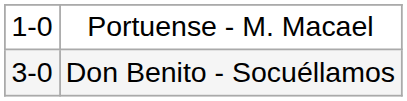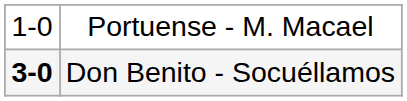 <table class="wikitable">
 <tr align=center bgcolor=white>
 <td>1-0</td>
 <td>Portuense - M. Macael</td>
 </tr>
 <tr align=center bgcolor=#F5F5F5>
-<td>3-0</td>
+<td><strong>3-0</strong></td>
 <td>Don Benito - Socuéllamos</td>
 </tr>
 </table>
